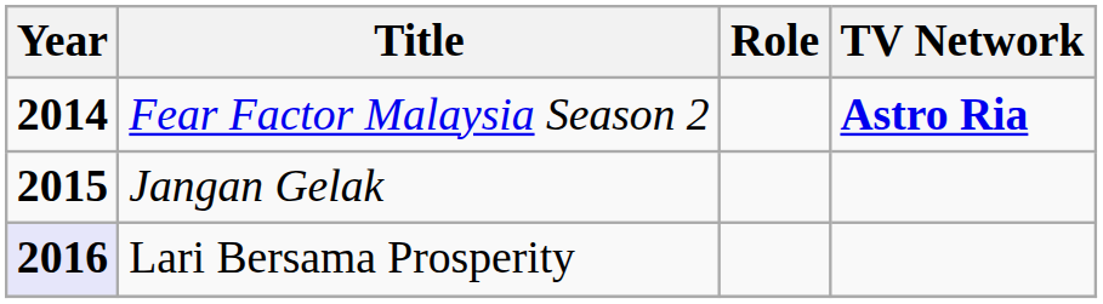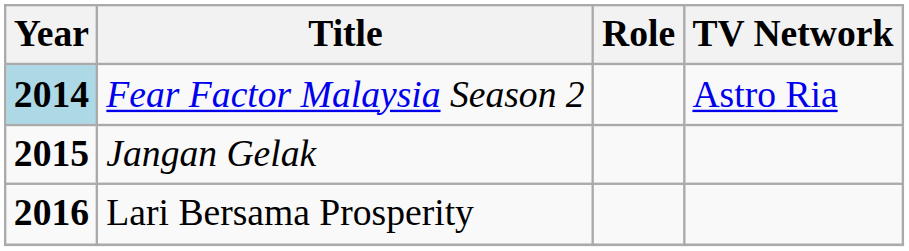 <table class="wikitable">
 <tr>
 <th><strong>Year</strong></th>
 <th><strong>Title</strong></th>
 <th><strong>Role</strong></th>
 <th><strong>TV Network</strong></th>
 </tr>
 <tr>
-<td><strong>2014</strong></td>
+<td style="background: lightblue;"><strong>2014</strong></td>
 <td><em><a href='#'>Fear Factor Malaysia</a> Season 2</em></td>
 <td></td>
-<td><strong><a href='#'>Astro Ria</a></strong></td>
+<td><a href='#'>Astro Ria</a></td>
 </tr>
 <tr>
 <td><strong>2015</strong></td>
 <td><em>Jangan Gelak</em></td>
 <td></td>
 <td></td>
 </tr>
 <tr>
-<td style="background: lavender;"><strong>2016</strong></td>
+<td><strong>2016</strong></td>
 <td>Lari Bersama Prosperity</td>
 <td></td>
 <td></td>
 </tr>
 <tr>
 </tr>
 </table>
